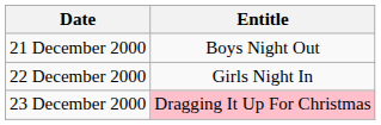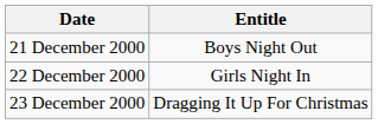 <table class="wikitable" style="text-align:center;">
 <tr>
 <th>Date</th>
 <th>Entitle</th>
 </tr>
 <tr>
 <td>21 December 2000</td>
 <td>Boys Night Out</td>
 </tr>
 <tr>
 <td>22 December 2000</td>
 <td>Girls Night In</td>
 </tr>
 <tr>
 <td>23 December 2000</td>
-<td style="background: pink;">Dragging It Up For Christmas</td>
+<td>Dragging It Up For Christmas</td>
 </tr>
 </table>
